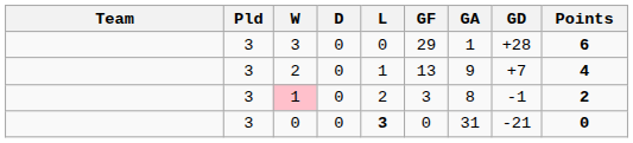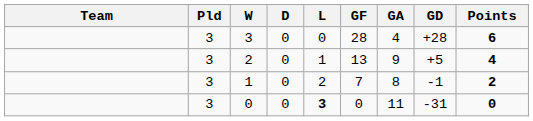 <table class=wikitable style="text-align:center" width=500>
 <tr>
 <th width=25%>Team</th>
 <th width=5%>Pld</th>
 <th width=5%>W</th>
 <th width=5%>D</th>
 <th width=5%>L</th>
 <th width=5%>GF</th>
 <th width=5%>GA</th>
 <th width=5%>GD</th>
 <th width=8%>Points</th>
 </tr>
 <tr>
 <td align="left"></td>
 <td>3</td>
 <td>3</td>
 <td>0</td>
 <td>0</td>
-<td>29</td>
-<td>1</td>
+<td>28</td>
+<td>4</td>
 <td>+28</td>
 <td><strong>6</strong></td>
 </tr>
 <tr>
 <td align="left"></td>
 <td>3</td>
 <td>2</td>
 <td>0</td>
 <td>1</td>
 <td>13</td>
 <td>9</td>
-<td>+7</td>
+<td>+5</td>
 <td><strong>4</strong></td>
 </tr>
 <tr>
 <td align="left"></td>
 <td>3</td>
-<td style="background: pink;">1</td>
+<td>1</td>
 <td>0</td>
 <td>2</td>
-<td>3</td>
+<td>7</td>
 <td>8</td>
 <td>-1</td>
 <td><strong>2</strong></td>
 </tr>
 <tr>
 <td align="left"></td>
 <td>3</td>
 <td>0</td>
 <td>0</td>
 <td><strong>3</strong></td>
 <td>0</td>
-<td>31</td>
-<td>-21</td>
+<td>11</td>
+<td>-31</td>
 <td><strong>0</strong></td>
 </tr>
 </table>
